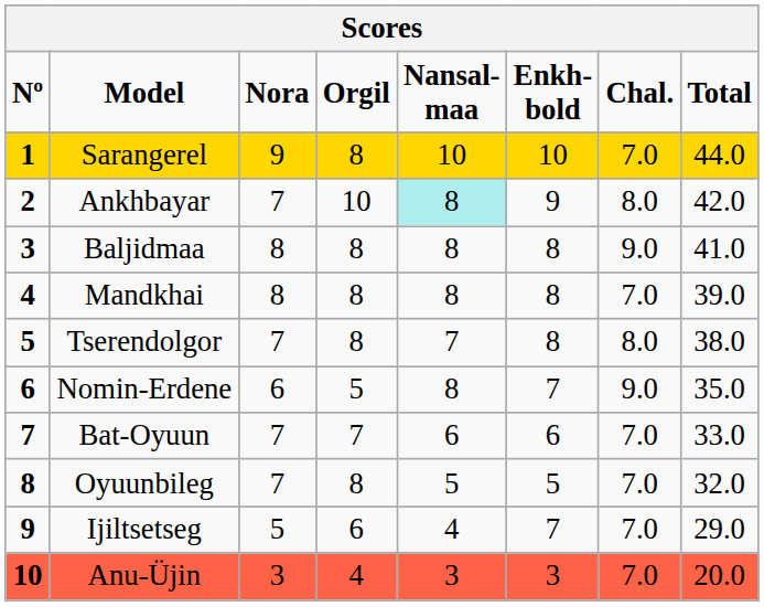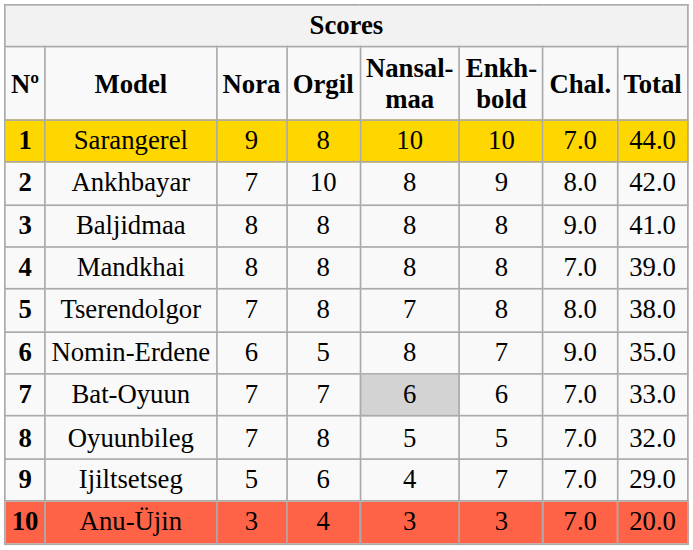 <table class="wikitable collapsible autocollapse" style="text-align:center;">
 <tr>
 <th colspan="8">Scores</th>
 </tr>
 <tr>
 <td><strong>Nº</strong></td>
 <td><strong>Model</strong></td>
 <td><strong>Nora</strong></td>
 <td><strong>Orgil</strong></td>
 <td><strong>Nansal-<br>maa</strong></td>
 <td><strong>Enkh-<br>bold</strong></td>
 <td><strong>Chal.</strong></td>
 <td><strong>Total</strong></td>
 </tr>
 <tr>
 <td style="background:gold"><strong>1</strong></td>
 <td style="background:gold">Sarangerel</td>
 <td style="background:gold">9</td>
 <td style="background:gold">8</td>
 <td style="background:gold">10</td>
 <td style="background:gold">10</td>
 <td style="background:gold">7.0</td>
 <td style="background:gold">44.0</td>
 </tr>
 <tr>
 <td><strong>2</strong></td>
 <td>Ankhbayar</td>
 <td>7</td>
 <td>10</td>
-<td style="background: paleturquoise;">8</td>
+<td>8</td>
 <td>9</td>
 <td>8.0</td>
 <td>42.0</td>
 </tr>
 <tr>
 <td><strong>3</strong></td>
 <td>Baljidmaa</td>
 <td>8</td>
 <td>8</td>
 <td>8</td>
 <td>8</td>
 <td>9.0</td>
 <td>41.0</td>
 </tr>
 <tr>
 <td><strong>4</strong></td>
 <td>Mandkhai</td>
 <td>8</td>
 <td>8</td>
 <td>8</td>
 <td>8</td>
 <td>7.0</td>
 <td>39.0</td>
 </tr>
 <tr>
 <td><strong>5</strong></td>
 <td>Tserendolgor</td>
 <td>7</td>
 <td>8</td>
 <td>7</td>
 <td>8</td>
 <td>8.0</td>
 <td>38.0</td>
 </tr>
 <tr>
 <td><strong>6</strong></td>
 <td>Nomin-Erdene</td>
 <td>6</td>
 <td>5</td>
 <td>8</td>
 <td>7</td>
 <td>9.0</td>
 <td>35.0</td>
 </tr>
 <tr>
 <td><strong>7</strong></td>
 <td>Bat-Oyuun</td>
 <td>7</td>
 <td>7</td>
-<td>6</td>
+<td style="background: lightgrey;">6</td>
 <td>6</td>
 <td>7.0</td>
 <td>33.0</td>
 </tr>
 <tr>
 <td><strong>8</strong></td>
 <td>Oyuunbileg</td>
 <td>7</td>
 <td>8</td>
 <td>5</td>
 <td>5</td>
 <td>7.0</td>
 <td>32.0</td>
 </tr>
 <tr>
 <td><strong>9</strong></td>
 <td>Ijiltsetseg</td>
 <td>5</td>
 <td>6</td>
 <td>4</td>
 <td>7</td>
 <td>7.0</td>
 <td>29.0</td>
 </tr>
 <tr>
 <td style="background:tomato"><strong>10</strong></td>
 <td style="background:tomato">Anu-Üjin</td>
 <td style="background:tomato">3</td>
 <td style="background:tomato">4</td>
 <td style="background:tomato">3</td>
 <td style="background:tomato">3</td>
 <td style="background:tomato">7.0</td>
 <td style="background:tomato">20.0</td>
 </tr>
 </table>
